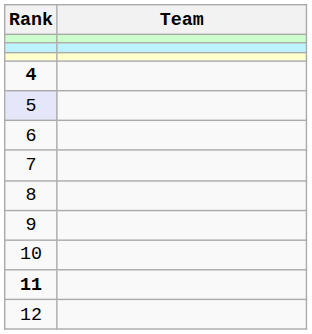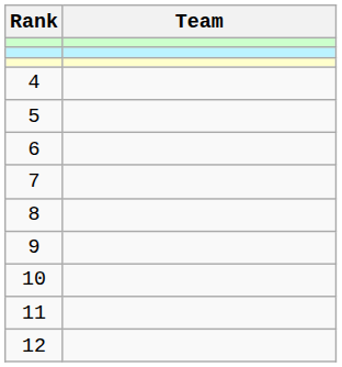 <table class="wikitable">
 <tr>
 <th>Rank</th>
 <th width=170>Team</th>
 </tr>
 <tr bgcolor=#ccffcc>
 <td align=center></td>
 <td></td>
 </tr>
 <tr bgcolor=#BBF3FF>
 <td align=center></td>
 <td></td>
 </tr>
 <tr bgcolor=#ffffcc>
 <td align=center></td>
 <td></td>
 </tr>
 <tr>
-<td align=center><strong>4</strong></td>
+<td align=center>4</td>
 <td></td>
 </tr>
 <tr>
-<td align=center style="background: lavender;">5</td>
+<td align=center>5</td>
 <td></td>
 </tr>
 <tr>
 <td align=center>6</td>
 <td></td>
 </tr>
 <tr>
 <td align=center>7</td>
 <td></td>
 </tr>
 <tr>
 <td align=center>8</td>
 <td></td>
 </tr>
 <tr>
 <td align=center>9</td>
 <td></td>
 </tr>
 <tr>
 <td align=center>10</td>
 <td></td>
 </tr>
 <tr>
-<td align=center><strong>11</strong></td>
+<td align=center>11</td>
 <td></td>
 </tr>
 <tr>
 <td align=center>12</td>
 <td></td>
 </tr>
 </table>
